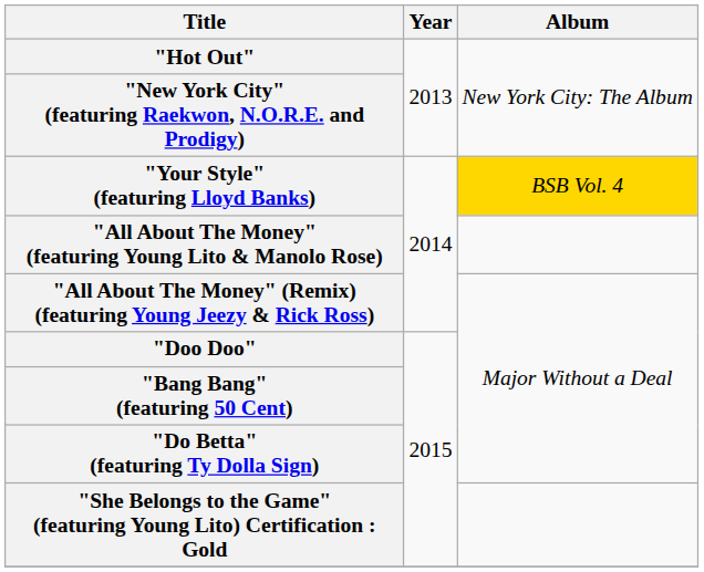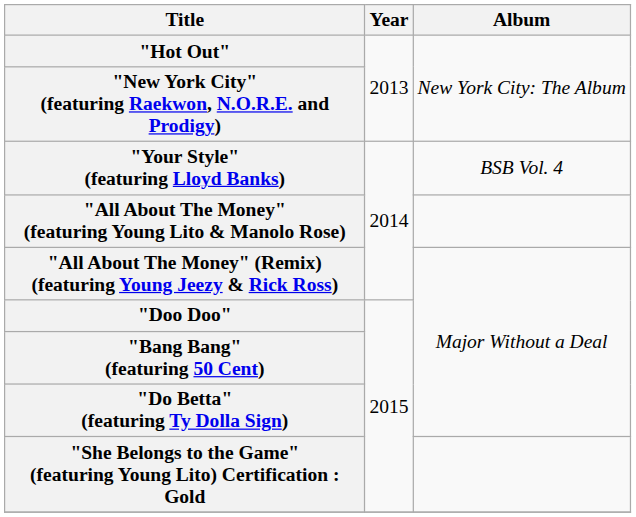 <table class="wikitable plainrowheaders" style="text-align:center;" border="1">
 <tr>
 <th scope="col" style="width:18em;">Title</th>
 <th scope="col">Year</th>
 <th scope="col">Album</th>
 </tr>
 <tr>
 <th scope="row">"Hot Out"</th>
 <td rowspan="2">2013</td>
 <td rowspan="2"><em>New York City: The Album</em></td>
 </tr>
 <tr>
 <th scope="row">"New York City"<br><span>(featuring <a href='#'>Raekwon</a>, <a href='#'>N.O.R.E.</a> and <a href='#'>Prodigy</a>)</span></th>
 </tr>
 <tr>
 <th scope="row">"Your Style"<br><span>(featuring <a href='#'>Lloyd Banks</a>)</span></th>
 <td rowspan="3">2014</td>
-<td rowspan="1" style="background: gold;"><em>BSB Vol. 4</em></td>
+<td rowspan="1"><em>BSB Vol. 4</em></td>
 </tr>
 <tr>
 <th scope="row">"All About The Money"<br><span>(featuring Young Lito & Manolo Rose)</span></th>
 <td></td>
 </tr>
 <tr>
 <th scope="row">"All About The Money" (Remix)<br><span>(featuring <a href='#'>Young Jeezy</a> & <a href='#'>Rick Ross</a>)</span></th>
 <td rowspan="4"><em>Major Without a Deal</em></td>
 </tr>
 <tr>
 <th scope="row">"Doo Doo"</th>
 <td rowspan="4">2015</td>
 </tr>
 <tr>
 <th scope="row">"Bang Bang"<br><span>(featuring <a href='#'>50 Cent</a>)</span></th>
 </tr>
 <tr>
 <th scope="row">"Do Betta"<br><span>(featuring <a href='#'>Ty Dolla Sign</a>)</span></th>
 </tr>
 <tr>
 <th scope="row">"She Belongs to the Game"<br><span>(featuring Young Lito)</span> Certification : Gold</th>
 <td></td>
 </tr>
 <tr>
 </tr>
 </table>
